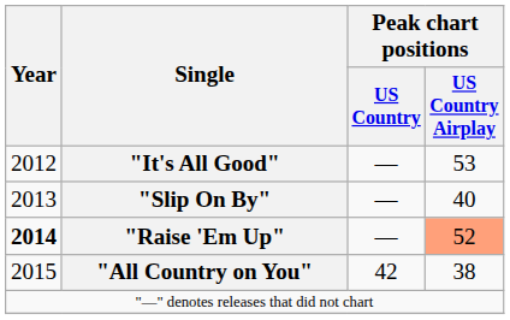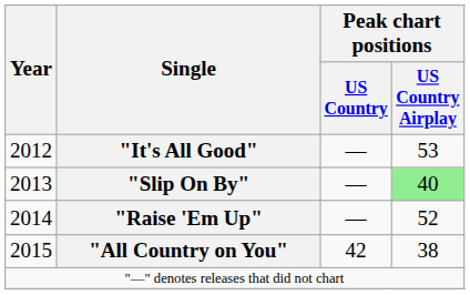 <table class="wikitable plainrowheaders" style="text-align:center;">
 <tr>
 <th rowspan="2">Year</th>
 <th rowspan="2" style="width:12em;">Single</th>
 <th colspan="2">Peak chart<br>positions</th>
 </tr>
 <tr style="font-size:smaller;">
 <th width="45"><a href='#'>US Country</a></th>
 <th width="45"><a href='#'>US Country Airplay</a></th>
 </tr>
 <tr>
 <td>2012</td>
 <th scope="row">"It's All Good"</th>
 <td>—</td>
 <td>53</td>
 </tr>
 <tr>
 <td>2013</td>
 <th scope="row">"Slip On By"</th>
 <td>—</td>
-<td>40</td>
+<td style="background: lightgreen;">40</td>
 </tr>
 <tr>
-<td><strong>2014</strong></td>
+<td>2014</td>
 <th scope="row">"Raise 'Em Up"</th>
 <td>—</td>
-<td style="background: lightsalmon;">52</td>
+<td>52</td>
 </tr>
 <tr>
 <td>2015</td>
 <th scope="row">"All Country on You"</th>
 <td>42</td>
 <td>38</td>
 </tr>
 <tr>
 <td colspan="4" style="font-size:8pt">"—" denotes releases that did not chart</td>
 </tr>
 <tr>
 </tr>
 </table>
